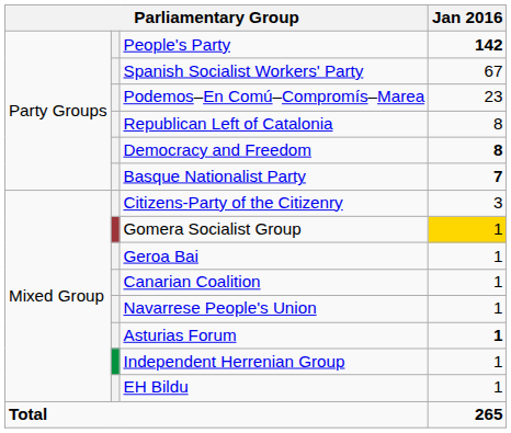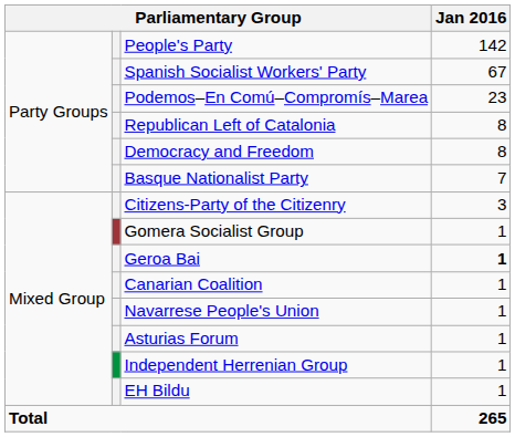 <table class="wikitable">
 <tr>
 <th colspan="3">Parliamentary Group</th>
 <th>Jan 2016</th>
 </tr>
 <tr>
 <td rowspan="6">Party Groups</td>
 <th width="1px" style="background-color:"></th>
 <td><a href='#'>People's Party</a></td>
-<td align="right"><strong>142</strong></td>
+<td align="right">142</td>
 </tr>
 <tr>
 <th style="background-color:"></th>
 <td><a href='#'>Spanish Socialist Workers' Party</a></td>
 <td align="right">67</td>
 </tr>
 <tr>
 <th style="background-color:"></th>
 <td><a href='#'>Podemos</a>–<a href='#'>En Comú</a>–<a href='#'>Compromís</a>–<a href='#'>Marea</a></td>
 <td align="right">23</td>
 </tr>
 <tr>
 <th style="background-color:"></th>
 <td><a href='#'>Republican Left of Catalonia</a></td>
 <td align="right">8</td>
 </tr>
 <tr>
 <th style="background-color:"></th>
 <td><a href='#'>Democracy and Freedom</a></td>
-<td align="right"><strong>8</strong></td>
+<td align="right">8</td>
 </tr>
 <tr>
 <th style="background-color:"></th>
 <td><a href='#'>Basque Nationalist Party</a></td>
-<td align="right"><strong>7</strong></td>
+<td align="right">7</td>
 </tr>
 <tr>
 <td rowspan="8">Mixed Group</td>
 <th style="background-color:"></th>
 <td><a href='#'>Citizens-Party of the Citizenry</a></td>
 <td align="right">3</td>
 </tr>
 <tr>
 <td style="background-color:#9C3439"></td>
 <td>Gomera Socialist Group</td>
-<td align="right" style="background: gold;">1</td>
+<td align="right">1</td>
 </tr>
 <tr>
 <th style="background-color:"></th>
 <td><a href='#'>Geroa Bai</a></td>
-<td align="right">1</td>
+<td align="right"><strong>1</strong></td>
 </tr>
 <tr>
 <th style="background-color:"></th>
 <td><a href='#'>Canarian Coalition</a></td>
 <td align="right">1</td>
 </tr>
 <tr>
 <th style="background-color:"></th>
 <td><a href='#'>Navarrese People's Union</a></td>
 <td align="right">1</td>
 </tr>
 <tr>
 <th style="background-color:"></th>
 <td><a href='#'>Asturias Forum</a></td>
-<td align="right"><strong>1</strong></td>
+<td align="right">1</td>
 </tr>
 <tr>
 <th style="background-color:#00923F"></th>
 <td><a href='#'>Independent Herrenian Group</a></td>
 <td align="right">1</td>
 </tr>
 <tr>
 <th style="background-color:"></th>
 <td><a href='#'>EH Bildu</a></td>
 <td align="right">1</td>
 </tr>
 <tr>
 <td colspan="3"><strong>Total</strong></td>
 <td align="right"><strong>265</strong></td>
 </tr>
 </table>
